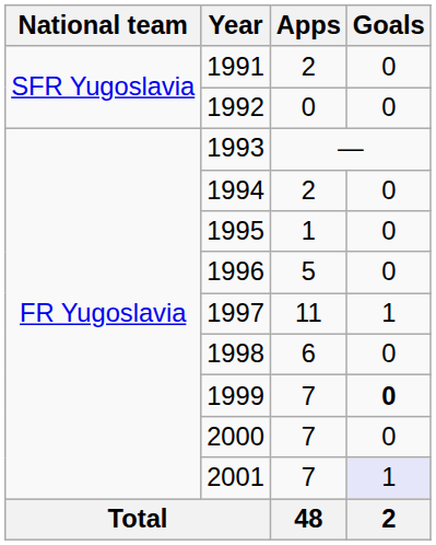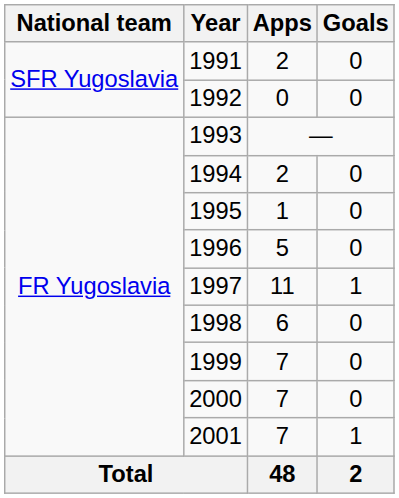 <table class="wikitable" style="text-align:center">
 <tr>
 <th>National team</th>
 <th>Year</th>
 <th>Apps</th>
 <th>Goals</th>
 </tr>
 <tr>
 <td rowspan="2"><a href='#'>SFR Yugoslavia</a></td>
 <td>1991</td>
 <td>2</td>
 <td>0</td>
 </tr>
 <tr>
 <td>1992</td>
 <td>0</td>
 <td>0</td>
 </tr>
 <tr>
 <td rowspan="9"><a href='#'>FR Yugoslavia</a></td>
 <td>1993</td>
 <td colspan="2">—</td>
 </tr>
 <tr>
 <td>1994</td>
 <td>2</td>
 <td>0</td>
 </tr>
 <tr>
 <td>1995</td>
 <td>1</td>
 <td>0</td>
 </tr>
 <tr>
 <td>1996</td>
 <td>5</td>
 <td>0</td>
 </tr>
 <tr>
 <td>1997</td>
 <td>11</td>
 <td>1</td>
 </tr>
 <tr>
 <td>1998</td>
 <td>6</td>
 <td>0</td>
 </tr>
 <tr>
 <td>1999</td>
 <td>7</td>
-<td><strong>0</strong></td>
+<td>0</td>
 </tr>
 <tr>
 <td>2000</td>
 <td>7</td>
 <td>0</td>
 </tr>
 <tr>
 <td>2001</td>
 <td>7</td>
-<td style="background: lavender;">1</td>
+<td>1</td>
 </tr>
 <tr>
 <th colspan="2">Total</th>
 <th>48</th>
 <th>2</th>
 </tr>
 </table>
